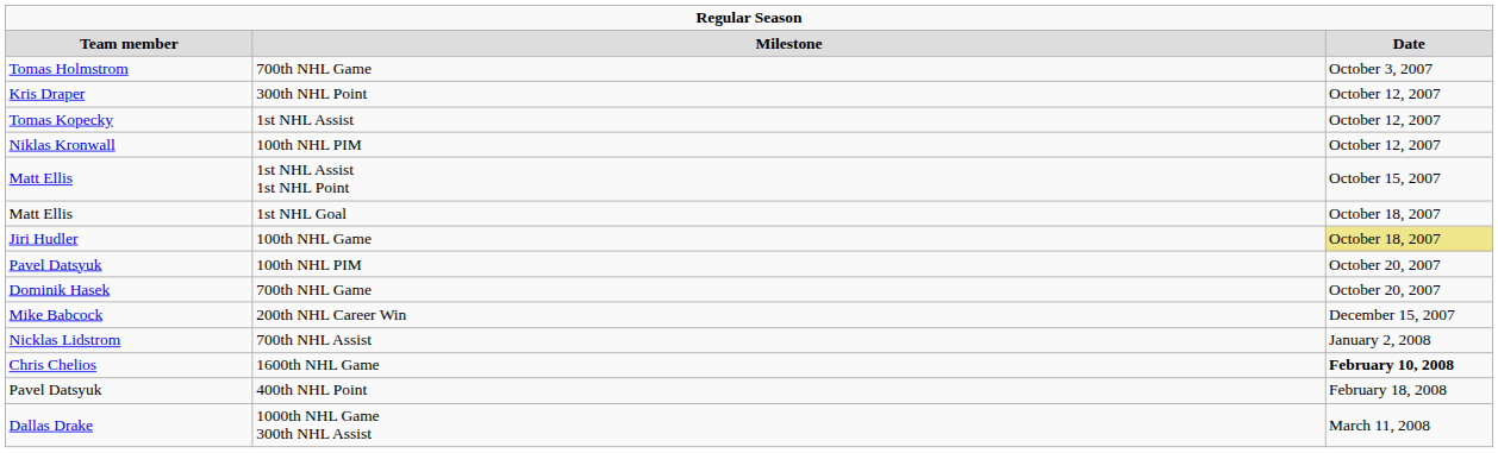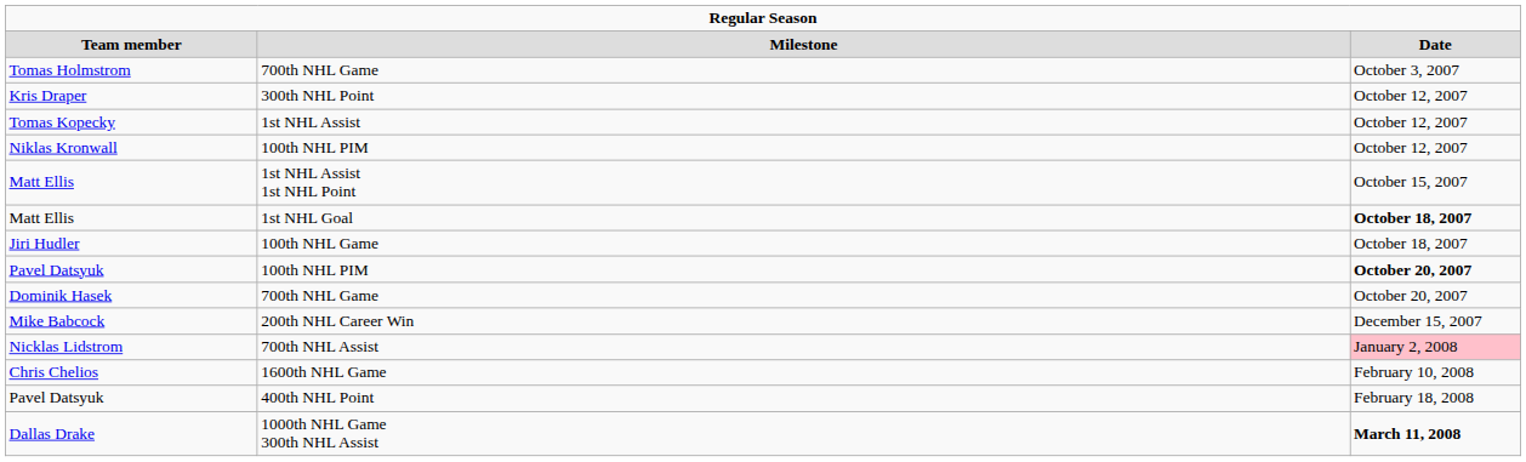 <table class="wikitable" width="75%">
 <tr>
 <td colspan="10" align="center"><strong>Regular Season</strong></td>
 </tr>
 <tr align="center"  bgcolor="#dddddd">
 <td style="width:15em;"><strong>Team member</strong></td>
 <td><strong>Milestone</strong></td>
 <td style="width:10em;"><strong>Date</strong></td>
 </tr>
 <tr>
 <td><a href='#'>Tomas Holmstrom</a></td>
 <td>700th NHL Game</td>
 <td>October 3, 2007</td>
 </tr>
 <tr>
 <td><a href='#'>Kris Draper</a></td>
 <td>300th NHL Point</td>
 <td>October 12, 2007</td>
 </tr>
 <tr>
 <td><a href='#'>Tomas Kopecky</a></td>
 <td>1st NHL Assist</td>
 <td>October 12, 2007</td>
 </tr>
 <tr>
 <td><a href='#'>Niklas Kronwall</a></td>
 <td>100th NHL PIM</td>
 <td>October 12, 2007</td>
 </tr>
 <tr>
 <td><a href='#'>Matt Ellis</a></td>
 <td>1st NHL Assist<br>1st NHL Point</td>
 <td>October 15, 2007</td>
 </tr>
 <tr>
 <td>Matt Ellis</td>
 <td>1st NHL Goal</td>
-<td>October 18, 2007</td>
+<td><strong>October 18, 2007</strong></td>
 </tr>
 <tr>
 <td><a href='#'>Jiri Hudler</a></td>
 <td>100th NHL Game</td>
-<td style="background: khaki;">October 18, 2007</td>
+<td>October 18, 2007</td>
 </tr>
 <tr>
 <td><a href='#'>Pavel Datsyuk</a></td>
 <td>100th NHL PIM</td>
-<td>October 20, 2007</td>
+<td><strong>October 20, 2007</strong></td>
 </tr>
 <tr>
 <td><a href='#'>Dominik Hasek</a></td>
 <td>700th NHL Game</td>
 <td>October 20, 2007</td>
 </tr>
 <tr>
 <td><a href='#'>Mike Babcock</a></td>
 <td>200th NHL Career Win</td>
 <td>December 15, 2007</td>
 </tr>
 <tr>
 <td><a href='#'>Nicklas Lidstrom</a></td>
 <td>700th NHL Assist</td>
-<td>January 2, 2008</td>
+<td style="background: pink;">January 2, 2008</td>
 </tr>
 <tr>
 <td><a href='#'>Chris Chelios</a></td>
 <td>1600th NHL Game</td>
-<td><strong>February 10, 2008</strong></td>
+<td>February 10, 2008</td>
 </tr>
 <tr>
 <td>Pavel Datsyuk</td>
 <td>400th NHL Point</td>
 <td>February 18, 2008</td>
 </tr>
 <tr>
 <td><a href='#'>Dallas Drake</a></td>
 <td>1000th NHL Game<br>300th NHL Assist</td>
-<td>March 11, 2008</td>
+<td><strong>March 11, 2008</strong></td>
 </tr>
 </table>
